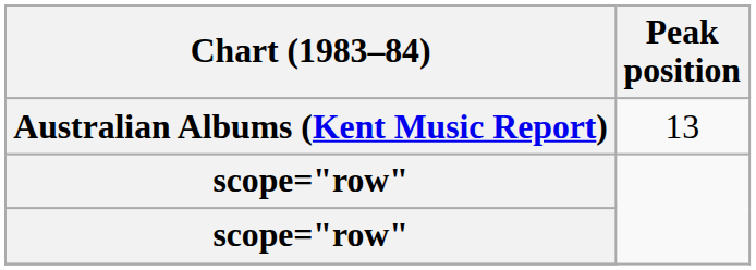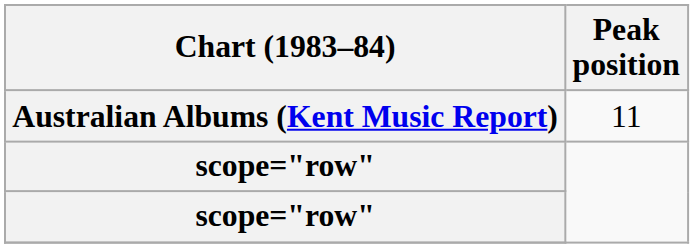 <table class="wikitable sortable plainrowheaders">
 <tr>
 <th scope="col">Chart (1983–84)</th>
 <th scope="col">Peak<br>position</th>
 </tr>
 <tr>
 <th scope="row">Australian Albums (<a href='#'>Kent Music Report</a>)</th>
-<td style="text-align:center;">13</td>
+<td style="text-align:center;">11</td>
 </tr>
 <tr>
 <th>scope="row"</th>
 </tr>
 <tr>
 <th>scope="row"</th>
 </tr>
 <tr>
 </tr>
 </table>
